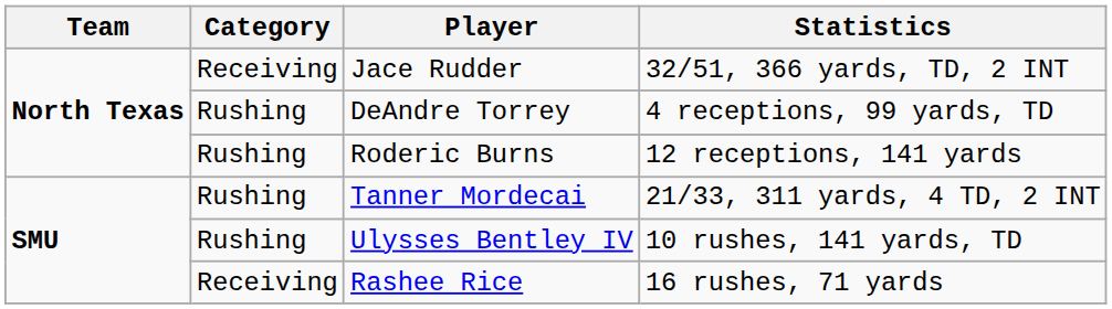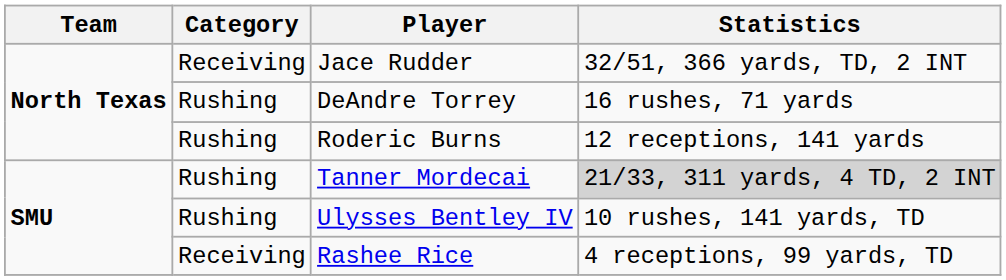 <table class="wikitable" style="float: left;">
 <tr>
 <th>Team</th>
 <th>Category</th>
 <th>Player</th>
 <th>Statistics</th>
 </tr>
 <tr>
 <td rowspan=3><strong>North Texas</strong></td>
 <td>Receiving</td>
 <td>Jace Rudder</td>
 <td>32/51, 366 yards, TD, 2 INT</td>
 </tr>
 <tr>
 <td>Rushing</td>
 <td>DeAndre Torrey</td>
-<td>4 receptions, 99 yards, TD</td>
+<td>16 rushes, 71 yards</td>
 </tr>
 <tr>
 <td>Rushing</td>
 <td>Roderic Burns</td>
 <td>12 receptions, 141 yards</td>
 </tr>
 <tr>
 <td rowspan=3><strong>SMU</strong></td>
 <td>Rushing</td>
 <td><a href='#'>Tanner Mordecai</a></td>
-<td>21/33, 311 yards, 4 TD, 2 INT</td>
+<td style="background: lightgrey;">21/33, 311 yards, 4 TD, 2 INT</td>
 </tr>
 <tr>
 <td>Rushing</td>
 <td><a href='#'>Ulysses Bentley IV</a></td>
 <td>10 rushes, 141 yards, TD</td>
 </tr>
 <tr>
 <td>Receiving</td>
 <td><a href='#'>Rashee Rice</a></td>
-<td>16 rushes, 71 yards</td>
+<td>4 receptions, 99 yards, TD</td>
 </tr>
 </table>
